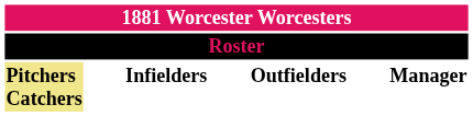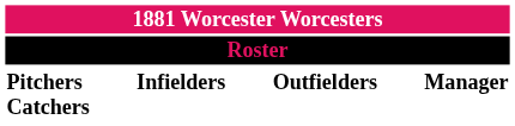 <table class="toccolours" style="font-size: 95%;">
 <tr>
 <th colspan="10" style="background-color: #E0115F; color: white; text-align: center;">1881 Worcester Worcesters</th>
 </tr>
 <tr>
 <td colspan="10" style="background-color:black; color: #E0115F; text-align: center;"><strong>Roster</strong></td>
 </tr>
 <tr>
-<td valign="top" style="background: khaki;"><strong>Pitchers</strong><br>  <strong>Catchers</strong>   </td>
+<td valign="top"><strong>Pitchers</strong><br>  <strong>Catchers</strong>   </td>
 <td width="25px"></td>
 <td valign="top"><strong>Infielders</strong><br>      </td>
 <td width="25px"></td>
 <td valign="top"><strong>Outfielders</strong><br>      </td>
 <td width="25px"></td>
 <td valign="top"><strong>Manager</strong><br> </td>
 </tr>
 </table>
